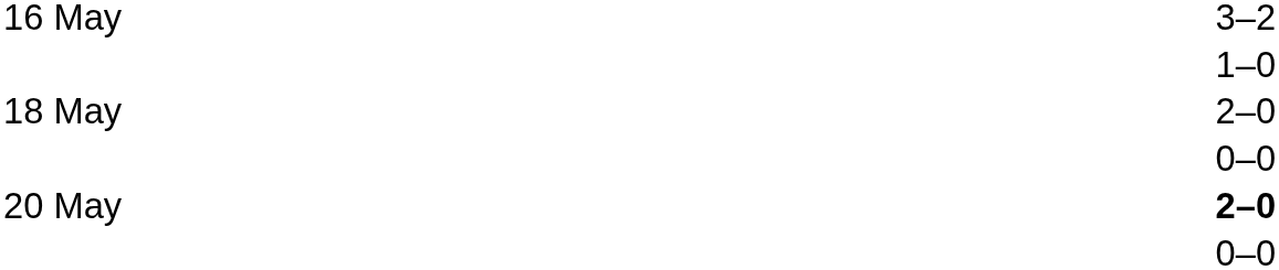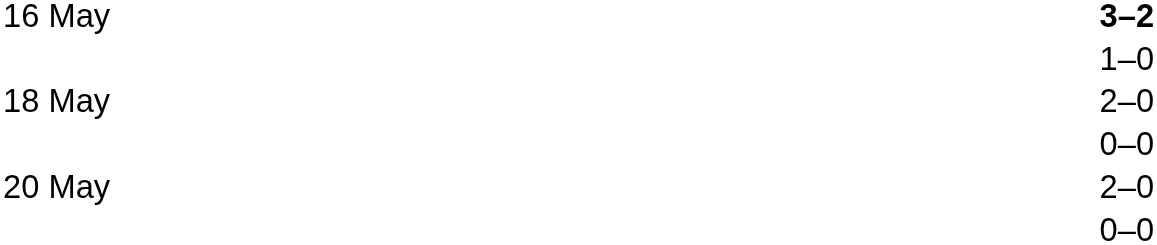 <table cellspacing=1 width=70%>
 <tr>
 <th width=25%></th>
 <th width=30%></th>
 <th width=15%></th>
 <th width=30%></th>
 </tr>
 <tr>
 <td>16 May</td>
 <td align=right></td>
-<td align=center>3–2</td>
+<td align=center><strong>3–2</strong></td>
 <td></td>
 </tr>
 <tr>
 <td></td>
 <td align=right></td>
 <td align=center>1–0</td>
 <td></td>
 </tr>
 <tr>
 <td>18 May</td>
 <td align=right></td>
 <td align=center>2–0</td>
 <td></td>
 </tr>
 <tr>
 <td></td>
 <td align=right></td>
 <td align=center>0–0</td>
 <td></td>
 </tr>
 <tr>
 <td>20 May</td>
 <td align=right></td>
-<td align=center><strong>2–0</strong></td>
+<td align=center>2–0</td>
 <td></td>
 </tr>
 <tr>
 <td></td>
 <td align=right></td>
 <td align=center>0–0</td>
 <td></td>
 </tr>
 </table>
